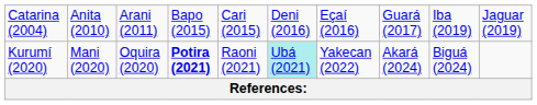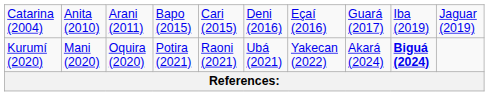 <table class="wikitable" align="left" width="100%">
 <tr>
 <td><a href='#'>Catarina (2004)</a></td>
 <td><a href='#'>Anita (2010)</a></td>
 <td><a href='#'>Arani (2011)</a></td>
 <td><a href='#'>Bapo (2015)</a></td>
 <td><a href='#'>Cari (2015)</a></td>
 <td><a href='#'>Deni (2016)</a></td>
 <td><a href='#'>Eçaí (2016)</a></td>
 <td><a href='#'>Guará (2017)</a></td>
 <td><a href='#'>Iba (2019)</a></td>
 <td><a href='#'>Jaguar (2019)</a></td>
 </tr>
 <tr>
 <td><a href='#'>Kurumí (2020)</a></td>
 <td><a href='#'>Mani (2020)</a></td>
 <td><a href='#'>Oquira (2020)</a></td>
-<td><strong><a href='#'>Potira (2021)</a></strong></td>
+<td><a href='#'>Potira (2021)</a></td>
 <td><a href='#'>Raoni (2021)</a></td>
-<td style="background: paleturquoise;"><a href='#'>Ubá (2021)</a></td>
+<td><a href='#'>Ubá (2021)</a></td>
 <td><a href='#'>Yakecan (2022)</a></td>
 <td><a href='#'>Akará (2024)</a></td>
-<td><a href='#'>Biguá (2024)</a></td>
+<td><strong><a href='#'>Biguá (2024)</a></strong></td>
 <td></td>
 </tr>
 <tr>
 <th colspan=10>References:</th>
 </tr>
 </table>
